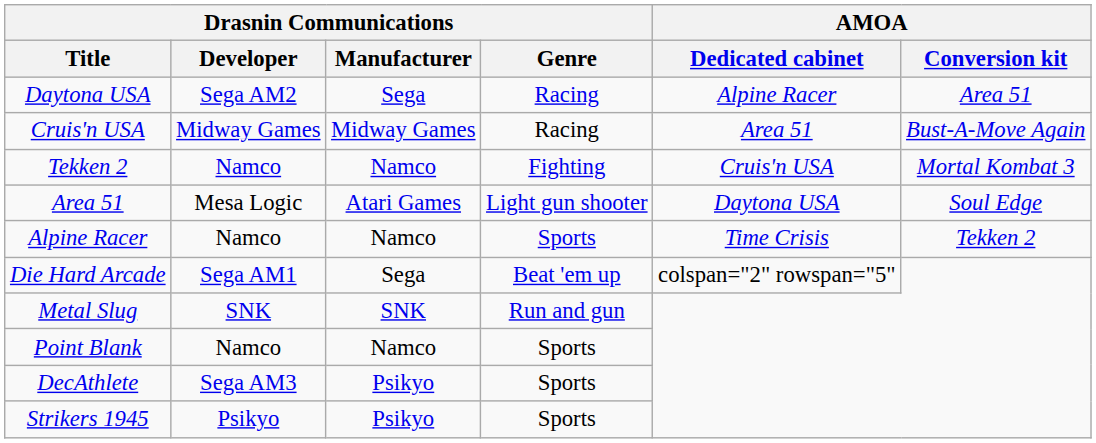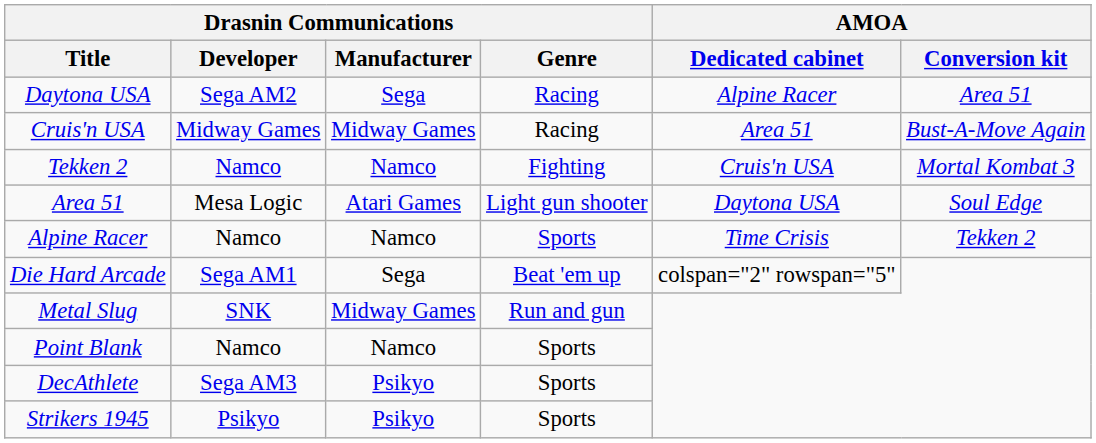 <table class="wikitable sortable" style="text-align:center">
 <tr>
 <th colspan="4">Drasnin Communications</th>
 <th colspan="2">AMOA</th>
 </tr>
 <tr>
 <th>Title</th>
 <th>Developer</th>
 <th>Manufacturer</th>
 <th>Genre</th>
 <th><a href='#'>Dedicated cabinet</a></th>
 <th><a href='#'>Conversion kit</a></th>
 </tr>
 <tr>
 <td><em><a href='#'>Daytona USA</a></em></td>
 <td><a href='#'>Sega AM2</a></td>
 <td><a href='#'>Sega</a></td>
 <td><a href='#'>Racing</a></td>
 <td><em><a href='#'>Alpine Racer</a></em></td>
 <td><em><a href='#'>Area 51</a></em></td>
 </tr>
 <tr>
 <td><em><a href='#'>Cruis'n USA</a></em></td>
 <td><a href='#'>Midway Games</a></td>
 <td><a href='#'>Midway Games</a></td>
 <td>Racing</td>
 <td><em><a href='#'>Area 51</a></em></td>
 <td><em><a href='#'>Bust-A-Move Again</a></em></td>
 </tr>
 <tr>
 <td><em><a href='#'>Tekken 2</a></em></td>
 <td><a href='#'>Namco</a></td>
 <td><a href='#'>Namco</a></td>
 <td><a href='#'>Fighting</a></td>
 <td><em><a href='#'>Cruis'n USA</a></em></td>
 <td><em><a href='#'>Mortal Kombat 3</a></em></td>
 </tr>
 <tr>
 <td><em><a href='#'>Area 51</a></em></td>
 <td>Mesa Logic</td>
 <td><a href='#'>Atari Games</a></td>
 <td><a href='#'>Light gun shooter</a></td>
 <td><em><a href='#'>Daytona USA</a></em></td>
 <td><em><a href='#'>Soul Edge</a></em></td>
 </tr>
 <tr>
 <td><em><a href='#'>Alpine Racer</a></em></td>
 <td>Namco</td>
 <td>Namco</td>
 <td><a href='#'>Sports</a></td>
 <td><em><a href='#'>Time Crisis</a></em></td>
 <td><em><a href='#'>Tekken 2</a></em></td>
 </tr>
 <tr>
 <td><em><a href='#'>Die Hard Arcade</a></em></td>
 <td><a href='#'>Sega AM1</a></td>
 <td>Sega</td>
 <td><a href='#'>Beat 'em up</a></td>
 <td>colspan="2" rowspan="5" </td>
 </tr>
 <tr>
 <td><a href='#'><em>Metal Slug</em></a></td>
 <td><a href='#'>SNK</a></td>
-<td><a href='#'>SNK</a></td>
+<td><a href='#'>Midway Games</a></td>
 <td><a href='#'>Run and gun</a></td>
 </tr>
 <tr>
 <td><em><a href='#'>Point Blank</a></em></td>
 <td>Namco</td>
 <td>Namco</td>
 <td>Sports</td>
 </tr>
 <tr>
 <td><em><a href='#'>DecAthlete</a></em></td>
 <td><a href='#'>Sega AM3</a></td>
 <td><a href='#'>Psikyo</a></td>
 <td>Sports</td>
 </tr>
 <tr>
 <td><em><a href='#'>Strikers 1945</a></em></td>
 <td><a href='#'>Psikyo</a></td>
 <td><a href='#'>Psikyo</a></td>
 <td>Sports</td>
 </tr>
 </table>
